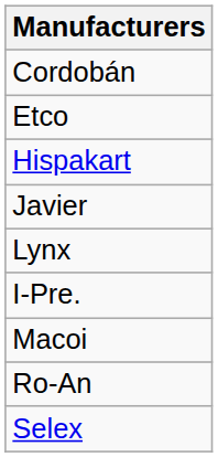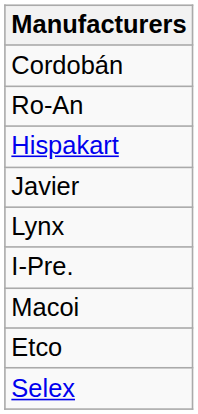 <table class="wikitable" align="right">
 <tr>
 <th>Manufacturers</th>
 </tr>
 <tr>
 <td>Cordobán</td>
 </tr>
 <tr>
-<td>Etco</td>
+<td>Ro-An</td>
 </tr>
 <tr>
 <td><a href='#'>Hispakart</a></td>
 </tr>
 <tr>
 <td>Javier</td>
 </tr>
 <tr>
 <td>Lynx</td>
 </tr>
 <tr>
 <td>I-Pre.</td>
 </tr>
 <tr>
 <td>Macoi</td>
 </tr>
 <tr>
-<td>Ro-An</td>
+<td>Etco</td>
 </tr>
 <tr>
 <td><a href='#'>Selex</a></td>
 </tr>
 </table>
